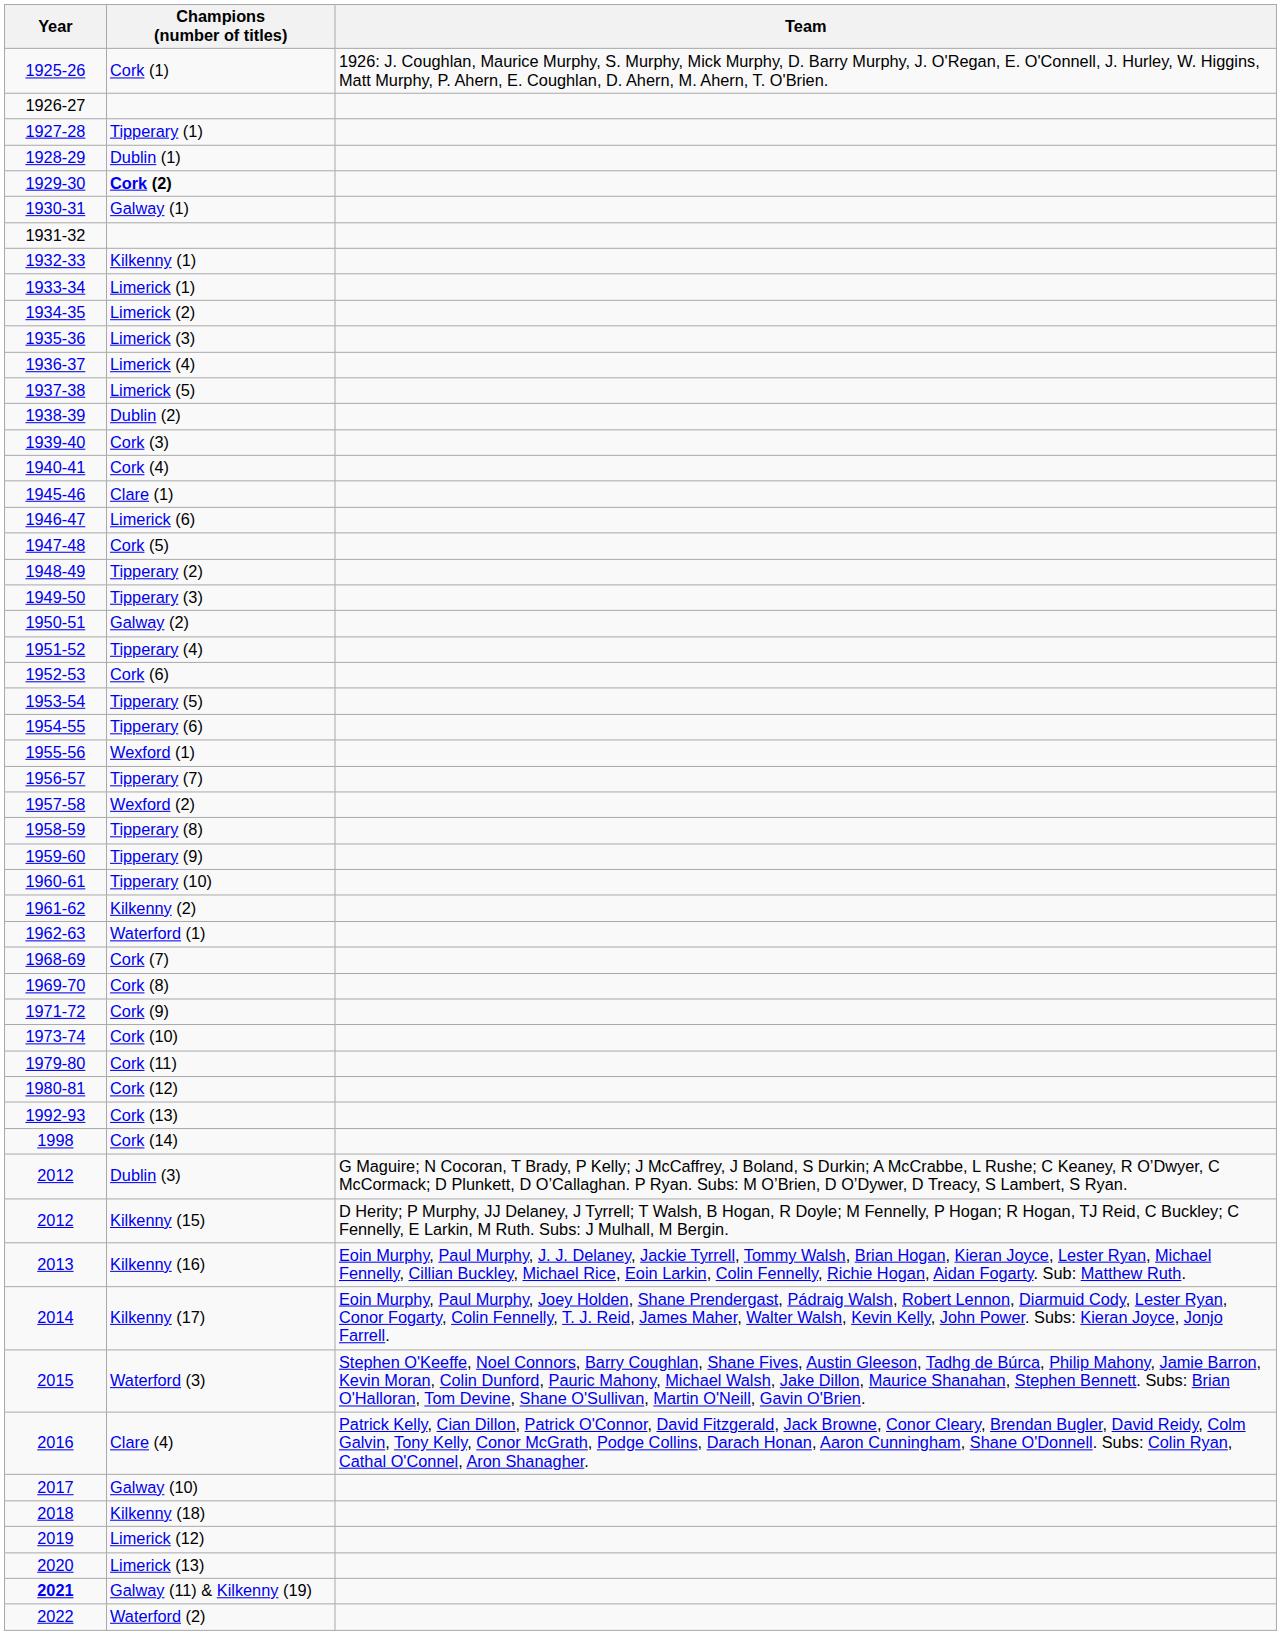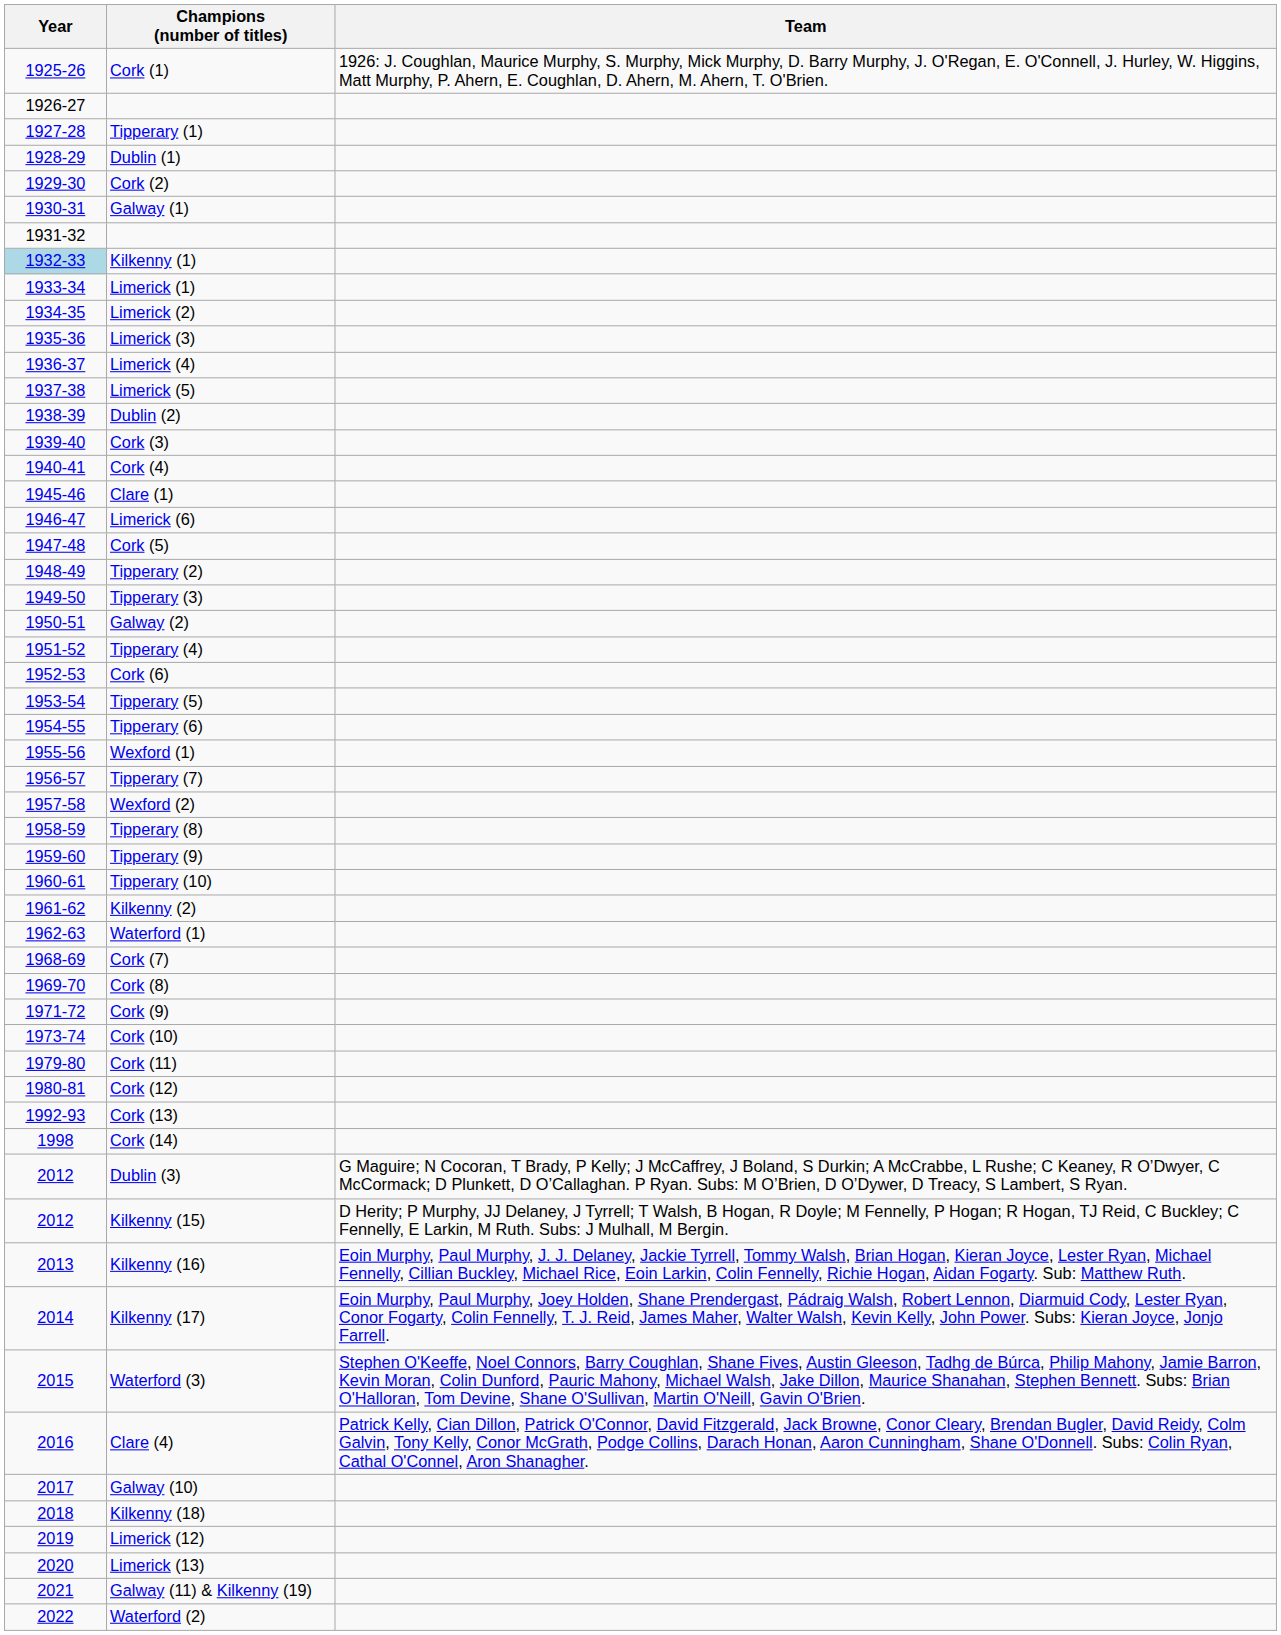 <table class="wikitable">
 <tr>
 <th style="width:8%;">Year</th>
 <th style="width:18%;">Champions <br>(number of titles)</th>
 <th style="width:74%;">Team</th>
 </tr>
 <tr>
 <td align=center><a href='#'>1925-26</a></td>
 <td><a href='#'>Cork</a> (1)</td>
 <td>1926: J. Coughlan, Maurice Murphy, S. Murphy, Mick Murphy, D. Barry Murphy, J. O'Regan, E. O'Connell, J. Hurley, W. Higgins, Matt Murphy, P. Ahern, E. Coughlan, D. Ahern, M. Ahern, T. O'Brien.</td>
 </tr>
 <tr>
 <td align=center>1926-27</td>
 <td></td>
 <td></td>
 </tr>
 <tr>
 <td align=center><a href='#'>1927-28</a></td>
 <td><a href='#'>Tipperary</a> (1)</td>
 <td></td>
 </tr>
 <tr>
 <td align=center><a href='#'>1928-29</a></td>
 <td><a href='#'>Dublin</a> (1)</td>
 <td></td>
 </tr>
 <tr>
 <td align=center><a href='#'>1929-30</a></td>
-<td><strong><a href='#'>Cork</a> (2)</strong></td>
+<td><a href='#'>Cork</a> (2)</td>
 <td></td>
 </tr>
 <tr>
 <td align=center><a href='#'>1930-31</a></td>
 <td><a href='#'>Galway</a> (1)</td>
 <td></td>
 </tr>
 <tr>
 <td align=center>1931-32</td>
 <td></td>
 <td></td>
 </tr>
 <tr>
-<td align=center><a href='#'>1932-33</a></td>
+<td align=center style="background: lightblue;"><a href='#'>1932-33</a></td>
 <td><a href='#'>Kilkenny</a> (1)</td>
 <td></td>
 </tr>
 <tr>
 <td align=center><a href='#'>1933-34</a></td>
 <td><a href='#'>Limerick</a> (1)</td>
 <td></td>
 </tr>
 <tr>
 <td align=center><a href='#'>1934-35</a></td>
 <td><a href='#'>Limerick</a> (2)</td>
 <td></td>
 </tr>
 <tr>
 <td align=center><a href='#'>1935-36</a></td>
 <td><a href='#'>Limerick</a> (3)</td>
 <td></td>
 </tr>
 <tr>
 <td align=center><a href='#'>1936-37</a></td>
 <td><a href='#'>Limerick</a> (4)</td>
 <td></td>
 </tr>
 <tr>
 <td align=center><a href='#'>1937-38</a></td>
 <td><a href='#'>Limerick</a> (5)</td>
 <td></td>
 </tr>
 <tr>
 <td align=center><a href='#'>1938-39</a></td>
 <td><a href='#'>Dublin</a> (2)</td>
 <td></td>
 </tr>
 <tr>
 <td align=center><a href='#'>1939-40</a></td>
 <td><a href='#'>Cork</a> (3)</td>
 <td></td>
 </tr>
 <tr>
 <td align=center><a href='#'>1940-41</a></td>
 <td><a href='#'>Cork</a> (4)</td>
 <td></td>
 </tr>
 <tr>
 <td align=center><a href='#'>1945-46</a></td>
 <td><a href='#'>Clare</a> (1)</td>
 <td></td>
 </tr>
 <tr>
 <td align=center><a href='#'>1946-47</a></td>
 <td><a href='#'>Limerick</a> (6)</td>
 <td></td>
 </tr>
 <tr>
 <td align=center><a href='#'>1947-48</a></td>
 <td><a href='#'>Cork</a> (5)</td>
 <td></td>
 </tr>
 <tr>
 <td align=center><a href='#'>1948-49</a></td>
 <td><a href='#'>Tipperary</a> (2)</td>
 <td></td>
 </tr>
 <tr>
 <td align=center><a href='#'>1949-50</a></td>
 <td><a href='#'>Tipperary</a> (3)</td>
 <td></td>
 </tr>
 <tr>
 <td align=center><a href='#'>1950-51</a></td>
 <td><a href='#'>Galway</a> (2)</td>
 <td></td>
 </tr>
 <tr>
 <td align=center><a href='#'>1951-52</a></td>
 <td><a href='#'>Tipperary</a> (4)</td>
 <td></td>
 </tr>
 <tr>
 <td align=center><a href='#'>1952-53</a></td>
 <td><a href='#'>Cork</a> (6)</td>
 <td></td>
 </tr>
 <tr>
 <td align=center><a href='#'>1953-54</a></td>
 <td><a href='#'>Tipperary</a> (5)</td>
 <td></td>
 </tr>
 <tr>
 <td align=center><a href='#'>1954-55</a></td>
 <td><a href='#'>Tipperary</a> (6)</td>
 <td></td>
 </tr>
 <tr>
 <td align=center><a href='#'>1955-56</a></td>
 <td><a href='#'>Wexford</a> (1)</td>
 <td></td>
 </tr>
 <tr>
 <td align=center><a href='#'>1956-57</a></td>
 <td><a href='#'>Tipperary</a> (7)</td>
 <td></td>
 </tr>
 <tr>
 <td align=center><a href='#'>1957-58</a></td>
 <td><a href='#'>Wexford</a> (2)</td>
 <td></td>
 </tr>
 <tr>
 <td align=center><a href='#'>1958-59</a></td>
 <td><a href='#'>Tipperary</a> (8)</td>
 <td></td>
 </tr>
 <tr>
 <td align=center><a href='#'>1959-60</a></td>
 <td><a href='#'>Tipperary</a> (9)</td>
 <td></td>
 </tr>
 <tr>
 <td align=center><a href='#'>1960-61</a></td>
 <td><a href='#'>Tipperary</a> (10)</td>
 <td></td>
 </tr>
 <tr>
 <td align=center><a href='#'>1961-62</a></td>
 <td><a href='#'>Kilkenny</a> (2)</td>
 <td></td>
 </tr>
 <tr>
 <td align=center><a href='#'>1962-63</a></td>
 <td><a href='#'>Waterford</a> (1)</td>
 <td></td>
 </tr>
 <tr>
 <td align=center><a href='#'>1968-69</a></td>
 <td><a href='#'>Cork</a> (7)</td>
 <td></td>
 </tr>
 <tr>
 <td align=center><a href='#'>1969-70</a></td>
 <td><a href='#'>Cork</a> (8)</td>
 <td></td>
 </tr>
 <tr>
 <td align=center><a href='#'>1971-72</a></td>
 <td><a href='#'>Cork</a> (9)</td>
 <td></td>
 </tr>
 <tr>
 <td align=center><a href='#'>1973-74</a></td>
 <td><a href='#'>Cork</a> (10)</td>
 <td></td>
 </tr>
 <tr>
 <td align=center><a href='#'>1979-80</a></td>
 <td><a href='#'>Cork</a> (11)</td>
 <td></td>
 </tr>
 <tr>
 <td align=center><a href='#'>1980-81</a></td>
 <td><a href='#'>Cork</a> (12)</td>
 <td></td>
 </tr>
 <tr>
 <td align=center><a href='#'>1992-93</a></td>
 <td><a href='#'>Cork</a> (13)</td>
 <td></td>
 </tr>
 <tr>
 <td align=center><a href='#'>1998</a></td>
 <td><a href='#'>Cork</a> (14)</td>
 <td></td>
 </tr>
 <tr>
 <td align=center><a href='#'>2012</a></td>
 <td><a href='#'>Dublin</a> (3)</td>
 <td>G Maguire; N Cocoran, T Brady, P Kelly; J McCaffrey, J Boland, S Durkin; A McCrabbe, L Rushe; C Keaney, R O’Dwyer, C McCormack; D Plunkett, D O’Callaghan. P Ryan. Subs: M O’Brien, D O’Dywer, D Treacy, S Lambert, S Ryan.</td>
 </tr>
 <tr>
 <td align=center><a href='#'>2012</a></td>
 <td><a href='#'>Kilkenny</a> (15)</td>
 <td>D Herity; P Murphy, JJ Delaney, J Tyrrell; T Walsh, B Hogan, R Doyle; M Fennelly, P Hogan; R Hogan, TJ Reid, C Buckley; C Fennelly, E Larkin, M Ruth. Subs: J Mulhall, M Bergin.</td>
 </tr>
 <tr>
 <td align=center><a href='#'>2013</a></td>
 <td><a href='#'>Kilkenny</a> (16)</td>
 <td><a href='#'>Eoin Murphy</a>, <a href='#'>Paul Murphy</a>, <a href='#'>J. J. Delaney</a>, <a href='#'>Jackie Tyrrell</a>, <a href='#'>Tommy Walsh</a>, <a href='#'>Brian Hogan</a>, <a href='#'>Kieran Joyce</a>, <a href='#'>Lester Ryan</a>, <a href='#'>Michael Fennelly</a>, <a href='#'>Cillian Buckley</a>, <a href='#'>Michael Rice</a>, <a href='#'>Eoin Larkin</a>, <a href='#'>Colin Fennelly</a>, <a href='#'>Richie Hogan</a>, <a href='#'>Aidan Fogarty</a>. Sub: <a href='#'>Matthew Ruth</a>.</td>
 </tr>
 <tr>
 <td align=center><a href='#'>2014</a></td>
 <td><a href='#'>Kilkenny</a> (17)</td>
 <td><a href='#'>Eoin Murphy</a>, <a href='#'>Paul Murphy</a>, <a href='#'>Joey Holden</a>, <a href='#'>Shane Prendergast</a>, <a href='#'>Pádraig Walsh</a>, <a href='#'>Robert Lennon</a>, <a href='#'>Diarmuid Cody</a>, <a href='#'>Lester Ryan</a>, <a href='#'>Conor Fogarty</a>, <a href='#'>Colin Fennelly</a>, <a href='#'>T. J. Reid</a>, <a href='#'>James Maher</a>, <a href='#'>Walter Walsh</a>, <a href='#'>Kevin Kelly</a>, <a href='#'>John Power</a>. Subs: <a href='#'>Kieran Joyce</a>, <a href='#'>Jonjo Farrell</a>.</td>
 </tr>
 <tr>
 <td align=center><a href='#'>2015</a></td>
 <td><a href='#'>Waterford</a> (3)</td>
 <td><a href='#'>Stephen O'Keeffe</a>, <a href='#'>Noel Connors</a>, <a href='#'>Barry Coughlan</a>, <a href='#'>Shane Fives</a>, <a href='#'>Austin Gleeson</a>, <a href='#'>Tadhg de Búrca</a>, <a href='#'>Philip Mahony</a>, <a href='#'>Jamie Barron</a>, <a href='#'>Kevin Moran</a>, <a href='#'>Colin Dunford</a>, <a href='#'>Pauric Mahony</a>, <a href='#'>Michael Walsh</a>, <a href='#'>Jake Dillon</a>, <a href='#'>Maurice Shanahan</a>, <a href='#'>Stephen Bennett</a>. Subs: <a href='#'>Brian O'Halloran</a>, <a href='#'>Tom Devine</a>, <a href='#'>Shane O'Sullivan</a>, <a href='#'>Martin O'Neill</a>, <a href='#'>Gavin O'Brien</a>.</td>
 </tr>
 <tr>
 <td align=center><a href='#'>2016</a></td>
 <td><a href='#'>Clare</a> (4)</td>
 <td><a href='#'>Patrick Kelly</a>, <a href='#'>Cian Dillon</a>, <a href='#'>Patrick O'Connor</a>, <a href='#'>David Fitzgerald</a>, <a href='#'>Jack Browne</a>, <a href='#'>Conor Cleary</a>, <a href='#'>Brendan Bugler</a>, <a href='#'>David Reidy</a>, <a href='#'>Colm Galvin</a>, <a href='#'>Tony Kelly</a>, <a href='#'>Conor McGrath</a>, <a href='#'>Podge Collins</a>, <a href='#'>Darach Honan</a>, <a href='#'>Aaron Cunningham</a>, <a href='#'>Shane O'Donnell</a>. Subs: <a href='#'>Colin Ryan</a>, <a href='#'>Cathal O'Connel</a>, <a href='#'>Aron Shanagher</a>.</td>
 </tr>
 <tr>
 <td align=center><a href='#'>2017</a></td>
 <td><a href='#'>Galway</a> (10)</td>
 <td></td>
 </tr>
 <tr>
 <td align=center><a href='#'>2018</a></td>
 <td><a href='#'>Kilkenny</a> (18)</td>
 <td></td>
 </tr>
 <tr>
 <td align=center><a href='#'>2019</a></td>
 <td><a href='#'>Limerick</a> (12)</td>
 <td></td>
 </tr>
 <tr>
 <td align=center><a href='#'>2020</a></td>
 <td><a href='#'>Limerick</a> (13)</td>
 <td></td>
 </tr>
 <tr>
-<td align=center><strong><a href='#'>2021</a></strong></td>
+<td align=center><a href='#'>2021</a></td>
 <td><a href='#'>Galway</a> (11) & <a href='#'>Kilkenny</a> (19)</td>
 <td></td>
 </tr>
 <tr>
 <td align=center><a href='#'>2022</a></td>
 <td><a href='#'>Waterford</a> (2)</td>
 </tr>
 </table>
